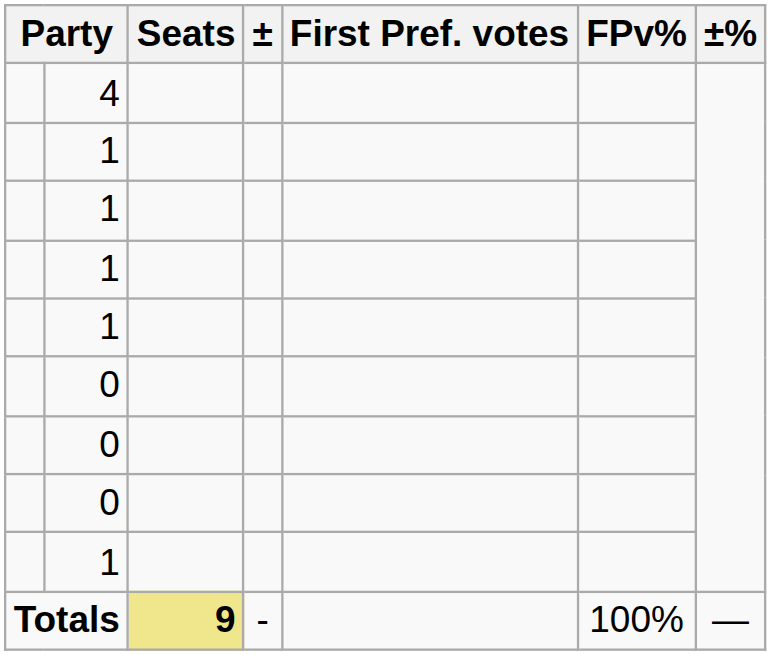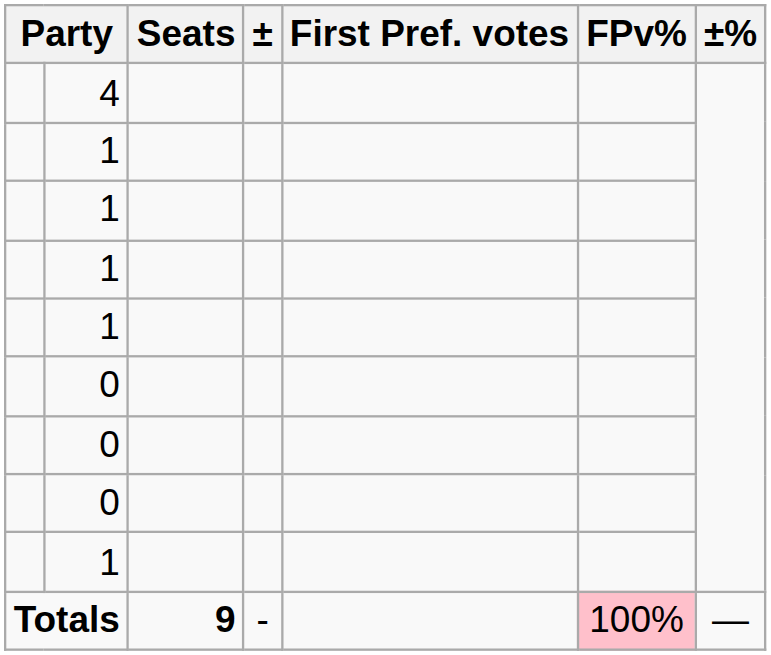 <table class=wikitable>
 <tr>
 <th colspan=2 align=center>Party</th>
 <th valign=top>Seats</th>
 <th valign=top>±</th>
 <th valign=top>First Pref. votes</th>
 <th valign=top>FPv%</th>
 <th valign=top>±%</th>
 </tr>
 <tr>
 <td></td>
 <td align=right>4</td>
 <td align=right></td>
 <td align=right></td>
 <td align=right></td>
 <td align=right></td>
 </tr>
 <tr>
 <td></td>
 <td align=right>1</td>
 <td align=right></td>
 <td align=right></td>
 <td align=right></td>
 <td align=right></td>
 </tr>
 <tr>
 <td></td>
 <td align=right>1</td>
 <td align=right></td>
 <td align=right></td>
 <td align=right></td>
 <td align=right></td>
 </tr>
 <tr>
 <td></td>
 <td align=right>1</td>
 <td align=right></td>
 <td align=right></td>
 <td align=right></td>
 <td align=right></td>
 </tr>
 <tr>
 <td></td>
 <td align=right>1</td>
 <td align=right></td>
 <td align=right></td>
 <td align=right></td>
 <td align=right></td>
 </tr>
 <tr>
 <td></td>
 <td align=right>0</td>
 <td align=right></td>
 <td align=right></td>
 <td align=right></td>
 <td align=right></td>
 </tr>
 <tr>
 <td></td>
 <td align=right>0</td>
 <td align=right></td>
 <td align=right></td>
 <td align=right></td>
 <td align=right></td>
 </tr>
 <tr>
 <td></td>
 <td align=right>0</td>
 <td align=right></td>
 <td align=right></td>
 <td align=right></td>
 <td align=right></td>
 </tr>
 <tr>
 <td></td>
 <td align=right>1</td>
 <td align=right></td>
 <td align=right></td>
 <td align=right></td>
 <td align=right></td>
 </tr>
 <tr>
 <td colspan=2 align=center><strong>Totals</strong></td>
-<td align=right style="background: khaki;"><strong>9</strong></td>
+<td align=right><strong>9</strong></td>
 <td align=center>-</td>
 <td align=right></td>
-<td align=center>100%</td>
+<td align=center style="background: pink;">100%</td>
 <td align=center>—</td>
 </tr>
 </table>
